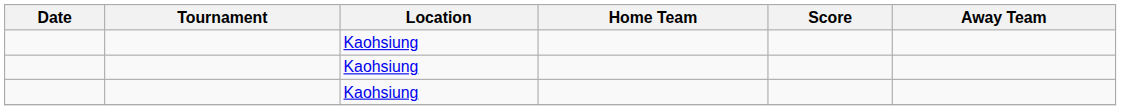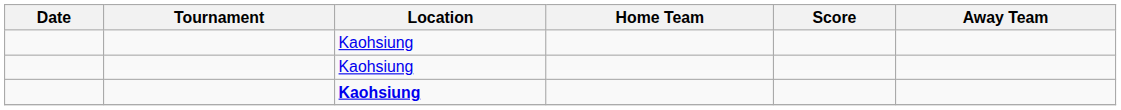 <table class="wikitable" width=80% style="font-size: 90%">
 <tr>
 <th>Date</th>
 <th>Tournament</th>
 <th>Location</th>
 <th>Home Team</th>
 <th>Score</th>
 <th>Away Team</th>
 </tr>
 <tr>
 <td></td>
 <td></td>
 <td> <a href='#'>Kaohsiung</a></td>
 <td></td>
 <td></td>
 <td></td>
 </tr>
 <tr>
 <td></td>
 <td></td>
 <td> <a href='#'>Kaohsiung</a></td>
 <td></td>
 <td></td>
 <td></td>
 </tr>
 <tr>
 <td></td>
 <td></td>
-<td> <a href='#'>Kaohsiung</a></td>
+<td><strong> <a href='#'>Kaohsiung</a></strong></td>
 <td></td>
 <td></td>
 <td></td>
 </tr>
 <tr>
 </tr>
 </table>
